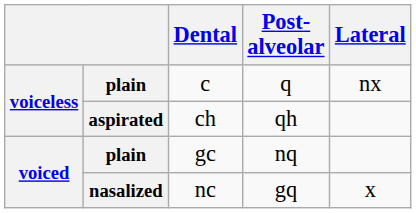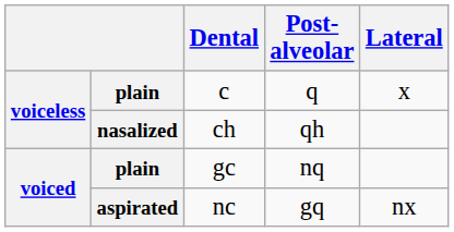 <table class="wikitable" style="text-align: center;">
 <tr>
 <th colspan="2"></th>
 <th><a href='#'>Dental</a></th>
 <th><a href='#'>Post-<br> alveolar</a></th>
 <th><a href='#'>Lateral</a></th>
 </tr>
 <tr>
 <th rowspan="2"><small><a href='#'>voiceless</a></small></th>
 <th><small>plain</small></th>
 <td>c </td>
 <td>q </td>
-<td>nx </td>
+<td>x </td>
 </tr>
 <tr>
-<th><small>aspirated</small></th>
+<th><small>nasalized</small></th>
 <td>ch </td>
 <td>qh </td>
 <td></td>
 </tr>
 <tr>
 <th rowspan="2"><small><a href='#'>voiced</a></small></th>
 <th><small>plain</small></th>
 <td>gc </td>
 <td>nq </td>
 <td></td>
 </tr>
 <tr>
-<th><small>nasalized</small></th>
+<th><small>aspirated</small></th>
 <td>nc </td>
 <td>gq </td>
-<td>x </td>
+<td>nx </td>
 </tr>
 </table>
